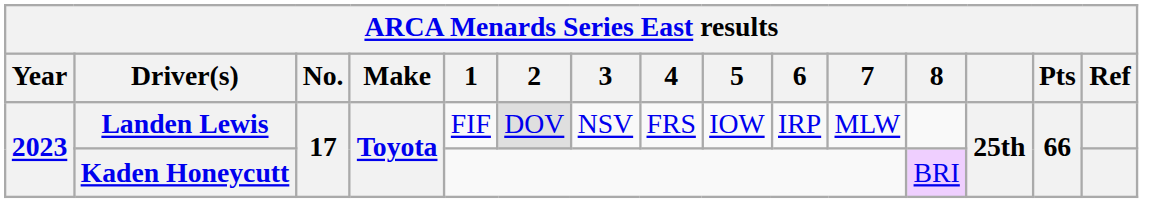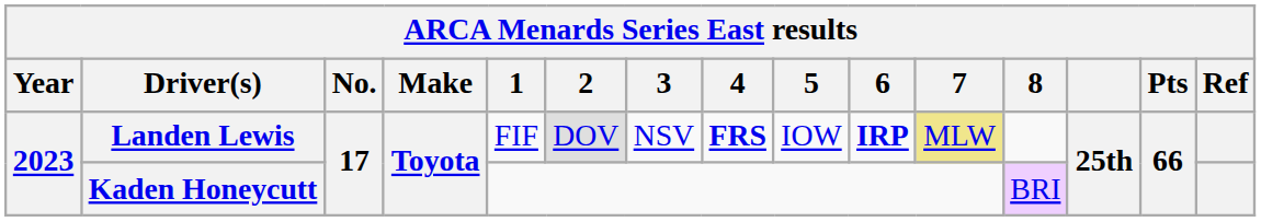 <table class="wikitable" style="text-align:center; font-size:75%">
 <tr>
 <th colspan="15"><a href='#'>ARCA Menards Series East</a> results</th>
 </tr>
 <tr>
 <th>Year</th>
 <th>Driver(s)</th>
 <th>No.</th>
 <th>Make</th>
 <th>1</th>
 <th>2</th>
 <th>3</th>
 <th>4</th>
 <th>5</th>
 <th>6</th>
 <th>7</th>
 <th>8</th>
 <th></th>
 <th>Pts</th>
 <th>Ref</th>
 </tr>
 <tr>
 <th rowspan="2"><a href='#'>2023</a></th>
 <th><a href='#'>Landen Lewis</a></th>
 <th rowspan="2">17</th>
 <th rowspan="2"><a href='#'>Toyota</a></th>
 <td><a href='#'>FIF</a></td>
 <td style="background:#DFDFDF;"><a href='#'>DOV</a><br></td>
 <td><a href='#'>NSV</a></td>
-<td><a href='#'>FRS</a></td>
+<td><strong><a href='#'>FRS</a></strong></td>
 <td><a href='#'>IOW</a></td>
-<td><a href='#'>IRP</a></td>
-<td><a href='#'>MLW</a></td>
+<td><strong><a href='#'>IRP</a></strong></td>
+<td style="background: khaki;"><a href='#'>MLW</a></td>
 <td></td>
 <th rowspan="2">25th</th>
 <th rowspan="2">66</th>
 <th></th>
 </tr>
 <tr>
 <th><a href='#'>Kaden Honeycutt</a></th>
 <td colspan="7"></td>
 <td style="background:#EFCFFF;"><a href='#'>BRI</a><br></td>
 <th></th>
 </tr>
 </table>
